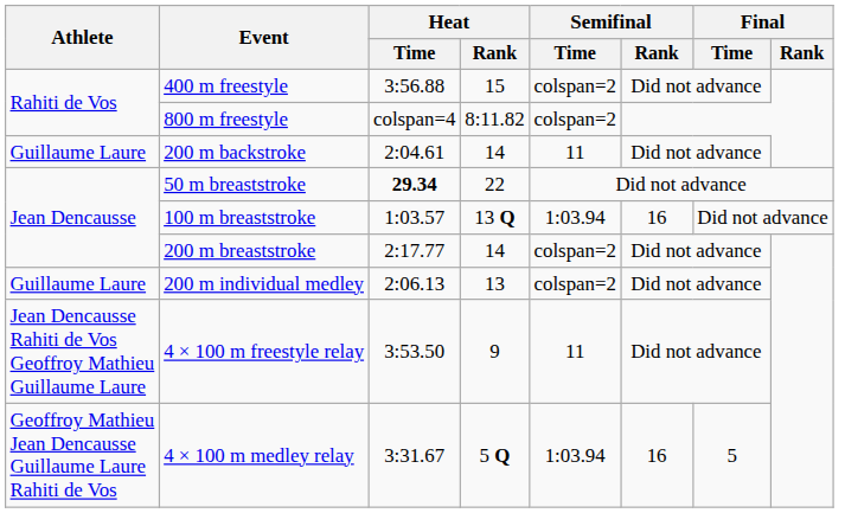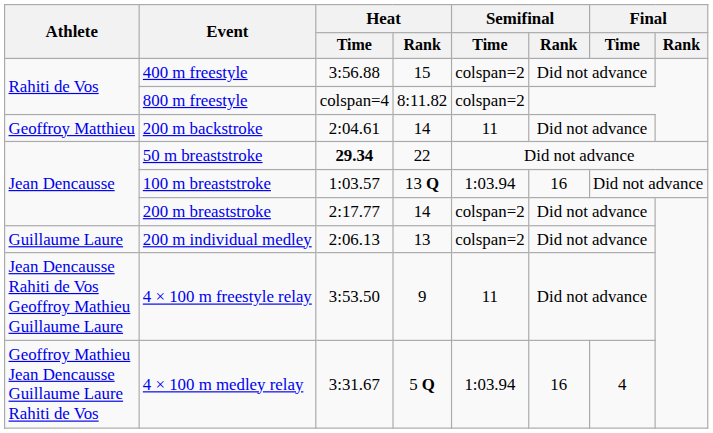 <table class=wikitable style="font-size:90%">
 <tr>
 <th rowspan=2>Athlete</th>
 <th rowspan=2>Event</th>
 <th colspan="2">Heat</th>
 <th colspan="2">Semifinal</th>
 <th colspan="2">Final</th>
 </tr>
 <tr style="font-size:95%">
 <th>Time</th>
 <th>Rank</th>
 <th>Time</th>
 <th>Rank</th>
 <th>Time</th>
 <th>Rank</th>
 </tr>
 <tr align=center>
 <td align=left rowspan=2><a href='#'>Rahiti de Vos</a></td>
 <td align=left><a href='#'>400 m freestyle</a></td>
 <td>3:56.88</td>
 <td>15</td>
 <td>colspan=2 </td>
 <td colspan=2>Did not advance</td>
 </tr>
 <tr align=center>
 <td align=left><a href='#'>800 m freestyle</a></td>
 <td>colspan=4 </td>
 <td>8:11.82</td>
 <td>colspan=2 </td>
 </tr>
 <tr align=center>
-<td align=left><a href='#'>Guillaume Laure</a></td>
+<td align=left><a href='#'>Geoffroy Matthieu</a></td>
 <td align=left><a href='#'>200 m backstroke</a></td>
 <td>2:04.61</td>
 <td>14</td>
 <td>11</td>
 <td colspan=2>Did not advance</td>
 </tr>
 <tr align=center>
 <td align=left rowspan=3><a href='#'>Jean Dencausse</a></td>
 <td align=left><a href='#'>50 m breaststroke</a></td>
 <td><strong>29.34</strong></td>
 <td>22</td>
 <td colspan=4>Did not advance</td>
 </tr>
 <tr align=center>
 <td align=left><a href='#'>100 m breaststroke</a></td>
 <td>1:03.57</td>
 <td>13 <strong>Q</strong></td>
 <td>1:03.94</td>
 <td>16</td>
 <td colspan=2>Did not advance</td>
 </tr>
 <tr align=center>
 <td align=left><a href='#'>200 m breaststroke</a></td>
 <td>2:17.77</td>
 <td>14</td>
 <td>colspan=2 </td>
 <td colspan=2>Did not advance</td>
 </tr>
 <tr align=center>
 <td align=left><a href='#'>Guillaume Laure</a></td>
 <td align=left><a href='#'>200 m individual medley</a></td>
 <td>2:06.13</td>
 <td>13</td>
 <td>colspan=2 </td>
 <td colspan=2>Did not advance</td>
 </tr>
 <tr align=center>
 <td align=left><a href='#'>Jean Dencausse</a><br><a href='#'>Rahiti de Vos</a><br><a href='#'>Geoffroy Mathieu</a><br><a href='#'>Guillaume Laure</a></td>
 <td align=left><a href='#'>4 × 100 m freestyle relay</a></td>
 <td>3:53.50</td>
 <td>9</td>
 <td>11</td>
 <td colspan=2>Did not advance</td>
 </tr>
 <tr align=center>
 <td align=left><a href='#'>Geoffroy Mathieu</a><br><a href='#'>Jean Dencausse</a><br><a href='#'>Guillaume Laure</a><br><a href='#'>Rahiti de Vos</a></td>
 <td align=left><a href='#'>4 × 100 m medley relay</a></td>
 <td>3:31.67</td>
 <td>5 <strong>Q</strong></td>
 <td>1:03.94</td>
 <td>16</td>
-<td>5</td>
+<td>4</td>
 </tr>
 </table>
